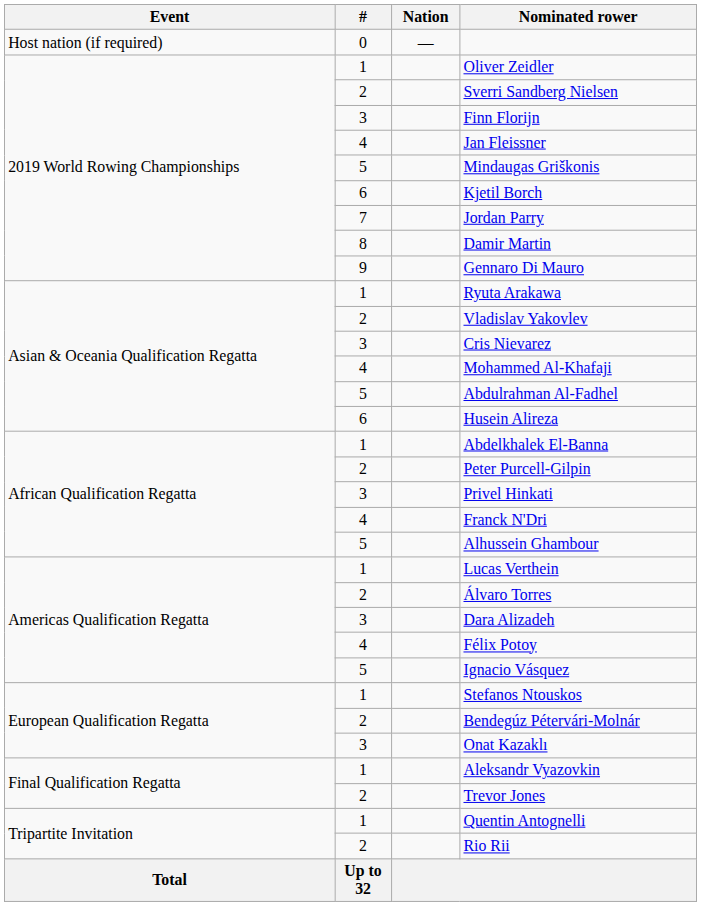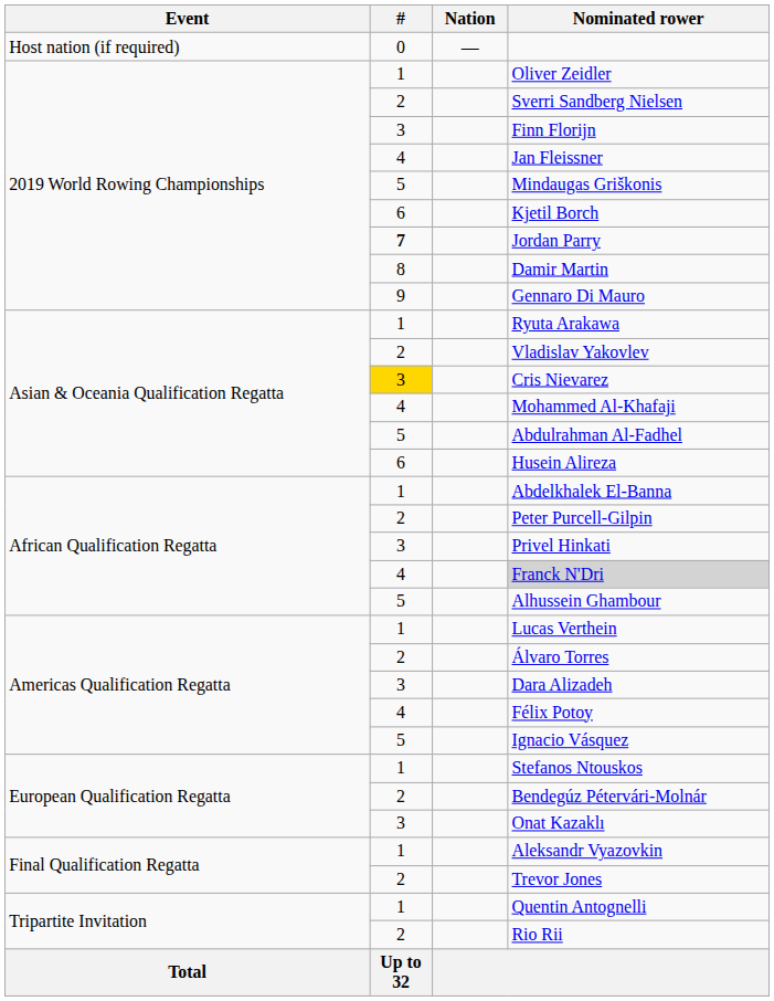 <table class="wikitable"  style="width:700px; text-align:center;">
 <tr>
 <th>Event</th>
 <th width=50>#</th>
 <th>Nation</th>
 <th>Nominated rower</th>
 </tr>
 <tr>
 <td align=left>Host nation (if required)</td>
 <td>0</td>
 <td align=center>—</td>
 <td align=left></td>
 </tr>
 <tr>
 <td rowspan=9 align=left>2019 World Rowing Championships</td>
 <td>1</td>
 <td align=left></td>
 <td align=left><a href='#'>Oliver Zeidler</a></td>
 </tr>
 <tr>
 <td>2</td>
 <td align=left></td>
 <td align=left><a href='#'>Sverri Sandberg Nielsen</a></td>
 </tr>
 <tr>
 <td>3</td>
 <td align=left></td>
 <td align=left><a href='#'>Finn Florijn</a></td>
 </tr>
 <tr>
 <td>4</td>
 <td align=left></td>
 <td align=left><a href='#'>Jan Fleissner</a></td>
 </tr>
 <tr>
 <td>5</td>
 <td align=left></td>
 <td align=left><a href='#'>Mindaugas Griškonis</a></td>
 </tr>
 <tr>
 <td>6</td>
 <td align=left></td>
 <td align=left><a href='#'>Kjetil Borch</a></td>
 </tr>
 <tr>
-<td>7</td>
+<td><strong>7</strong></td>
 <td align=left></td>
 <td align=left><a href='#'>Jordan Parry</a></td>
 </tr>
 <tr>
 <td>8</td>
 <td align=left></td>
 <td align=left><a href='#'>Damir Martin</a></td>
 </tr>
 <tr>
 <td>9</td>
 <td align=left></td>
 <td align=left><a href='#'>Gennaro Di Mauro</a></td>
 </tr>
 <tr>
 <td rowspan=6 align=left>Asian & Oceania Qualification Regatta</td>
 <td>1</td>
 <td align=left></td>
 <td align=left><a href='#'>Ryuta Arakawa</a></td>
 </tr>
 <tr>
 <td>2</td>
 <td align=left></td>
 <td align=left><a href='#'>Vladislav Yakovlev</a></td>
 </tr>
 <tr>
-<td>3</td>
+<td style="background: gold;">3</td>
 <td align=left></td>
 <td align=left><a href='#'>Cris Nievarez</a></td>
 </tr>
 <tr>
 <td>4</td>
 <td align=left></td>
 <td align=left><a href='#'>Mohammed Al-Khafaji</a></td>
 </tr>
 <tr>
 <td>5</td>
 <td align=left></td>
 <td align=left><a href='#'>Abdulrahman Al-Fadhel</a></td>
 </tr>
 <tr>
 <td>6</td>
 <td align=left></td>
 <td align=left><a href='#'>Husein Alireza</a></td>
 </tr>
 <tr>
 <td rowspan=5 align=left>African Qualification Regatta</td>
 <td>1</td>
 <td align=left></td>
 <td align=left><a href='#'>Abdelkhalek El-Banna</a></td>
 </tr>
 <tr>
 <td>2</td>
 <td align=left></td>
 <td align=left><a href='#'>Peter Purcell-Gilpin</a></td>
 </tr>
 <tr>
 <td>3</td>
 <td align=left></td>
 <td align=left><a href='#'>Privel Hinkati</a></td>
 </tr>
 <tr>
 <td>4</td>
 <td align=left></td>
-<td align=left><a href='#'>Franck N'Dri</a></td>
+<td align=left style="background: lightgrey;"><a href='#'>Franck N'Dri</a></td>
 </tr>
 <tr>
 <td>5</td>
 <td align=left></td>
 <td align=left><a href='#'>Alhussein Ghambour</a></td>
 </tr>
 <tr>
 <td rowspan=5 align=left>Americas Qualification Regatta</td>
 <td>1</td>
 <td align=left></td>
 <td align=left><a href='#'>Lucas Verthein</a></td>
 </tr>
 <tr>
 <td>2</td>
 <td align=left></td>
 <td align=left><a href='#'>Álvaro Torres</a></td>
 </tr>
 <tr>
 <td>3</td>
 <td align=left></td>
 <td align=left><a href='#'>Dara Alizadeh</a></td>
 </tr>
 <tr>
 <td>4</td>
 <td align=left></td>
 <td align=left><a href='#'>Félix Potoy</a></td>
 </tr>
 <tr>
 <td>5</td>
 <td align=left></td>
 <td align=left><a href='#'>Ignacio Vásquez</a></td>
 </tr>
 <tr>
 <td rowspan=3 align=left>European Qualification Regatta</td>
 <td>1</td>
 <td align=left></td>
 <td align=left><a href='#'>Stefanos Ntouskos</a></td>
 </tr>
 <tr>
 <td>2</td>
 <td align=left></td>
 <td align=left><a href='#'>Bendegúz Pétervári-Molnár</a></td>
 </tr>
 <tr>
 <td>3</td>
 <td align=left></td>
 <td align=left><a href='#'>Onat Kazaklı</a></td>
 </tr>
 <tr>
 <td rowspan=2 align=left>Final Qualification Regatta</td>
 <td>1</td>
 <td align=left></td>
 <td align=left><a href='#'>Aleksandr Vyazovkin</a></td>
 </tr>
 <tr>
 <td>2</td>
 <td align=left></td>
 <td align=left><a href='#'>Trevor Jones</a></td>
 </tr>
 <tr>
 <td rowspan=2 align=left>Tripartite Invitation</td>
 <td>1</td>
 <td align=left></td>
 <td align=left><a href='#'>Quentin Antognelli</a></td>
 </tr>
 <tr>
 <td>2</td>
 <td align=left></td>
 <td align=left><a href='#'>Rio Rii</a></td>
 </tr>
 <tr>
 <th>Total</th>
 <th>Up to 32</th>
 <th colspan=2></th>
 </tr>
 </table>
